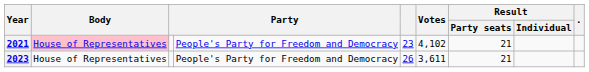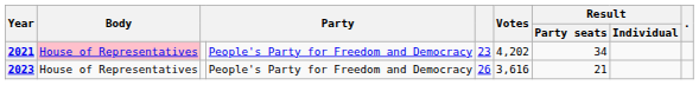 <table class="wikitable plainrowheaders sortable" border=2 cellpadding=4 cellspacing=0 style="border: 1px #aaa solid; font-size: 90%; text-align:center;">
 <tr>
 <th scope="col" rowspan=2>Year</th>
 <th scope="col" rowspan=2>Body</th>
 <th scope="col" colspan=2 rowspan=2>Party</th>
 <th scope="col" rowspan=2></th>
 <th scope="col" rowspan=2>Votes</th>
 <th scope="colgroup" colspan=2>Result</th>
 <th scope="col" rowspan=2 class="unsortable">.</th>
 </tr>
 <tr>
 <th scope="col">Party seats</th>
 <th scope="col">Individual</th>
 </tr>
 <tr>
 <th scope="row"><a href='#'>2021</a></th>
 <td style="background: pink;"><a href='#'>House of Representatives</a></td>
 <td style="background-color:"></td>
 <td><a href='#'>People's Party for Freedom and Democracy</a></td>
 <td style=text-align:right><a href='#'>23</a></td>
-<td style=text-align:right>4,102</td>
-<td style=text-align:right>21</td>
+<td style=text-align:right>4,202</td>
+<td style=text-align:right>34</td>
 <td></td>
 <td></td>
 </tr>
 <tr>
 <th scope="row"><a href='#'>2023</a></th>
 <td>House of Representatives</td>
 <td style="background-color:"></td>
 <td>People's Party for Freedom and Democracy</td>
 <td style=text-align:right><a href='#'>26</a></td>
-<td style=text-align:right>3,611</td>
+<td style=text-align:right>3,616</td>
 <td style=text-align:right>21</td>
 <td></td>
 <td></td>
 </tr>
 </table>
